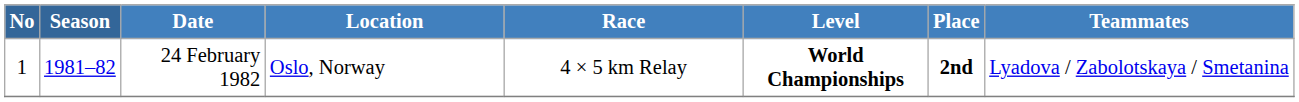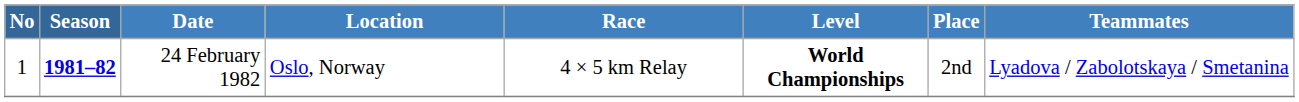 <table class="wikitable sortable" style="font-size:95%; text-align:center; border:grey solid 1px; border-collapse:collapse; background:#ffffff;">
 <tr style="background:#efefef;">
 <th style="background-color:#369; color:white;">No</th>
 <th style="background-color:#369; color:white;">Season</th>
 <th style="background-color:#4180be; color:white; width:100px;">Date</th>
 <th style="background-color:#4180be; color:white; width:170px;">Location</th>
 <th style="background-color:#4180be; color:white; width:170px;">Race</th>
 <th style="background-color:#4180be; color:white; width:130px;">Level</th>
 <th style="background-color:#4180be; color:white;">Place</th>
 <th style="background-color:#4180be; color:white;">Teammates</th>
 </tr>
 <tr>
 <td align=center>1</td>
-<td rowspan=1 align=center><a href='#'>1981–82</a></td>
+<td rowspan=1 align=center><strong><a href='#'>1981–82</a></strong></td>
 <td align=right>24 February 1982</td>
 <td align=left> <a href='#'>Oslo</a>, Norway</td>
 <td>4 × 5 km Relay</td>
 <td><strong>World Championships</strong></td>
-<td><strong>2nd</strong></td>
+<td>2nd</td>
 <td><a href='#'>Lyadova</a> / <a href='#'>Zabolotskaya</a> / <a href='#'>Smetanina</a></td>
 </tr>
 <tr>
 </tr>
 </table>
